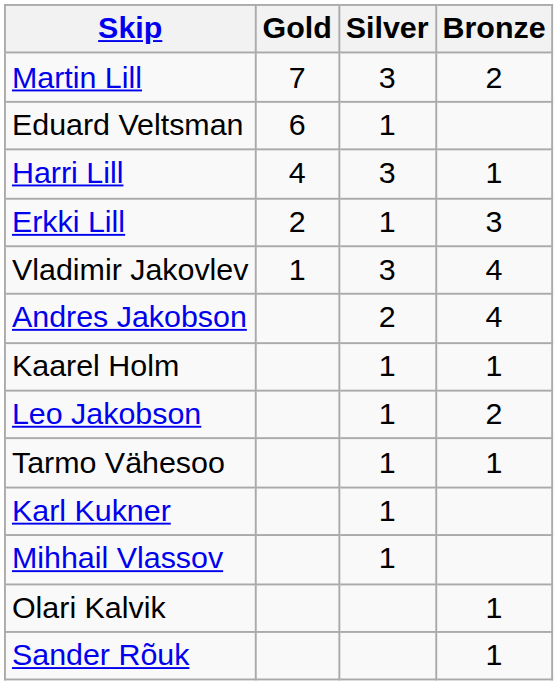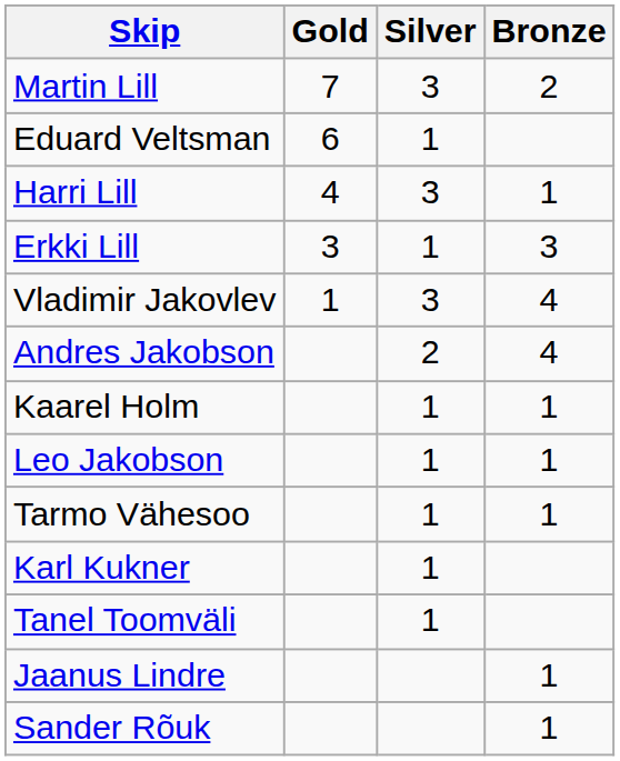 <table class="wikitable" style="text-align:center;">
 <tr>
 <th><a href='#'>Skip</a></th>
 <th>Gold</th>
 <th>Silver</th>
 <th>Bronze</th>
 </tr>
 <tr>
 <td align="left"><a href='#'>Martin Lill</a></td>
 <td>7</td>
 <td>3</td>
 <td>2</td>
 </tr>
 <tr>
 <td align="left">Eduard Veltsman</td>
 <td>6</td>
 <td>1</td>
 <td></td>
 </tr>
 <tr>
 <td align="left"><a href='#'>Harri Lill</a></td>
 <td>4</td>
 <td>3</td>
 <td>1</td>
 </tr>
 <tr>
 <td align="left"><a href='#'>Erkki Lill</a></td>
-<td>2</td>
+<td>3</td>
 <td>1</td>
 <td>3</td>
 </tr>
 <tr>
 <td align="left">Vladimir Jakovlev</td>
 <td>1</td>
 <td>3</td>
 <td>4</td>
 </tr>
 <tr>
 <td align="left"><a href='#'>Andres Jakobson</a></td>
 <td></td>
 <td>2</td>
 <td>4</td>
 </tr>
 <tr>
 <td align="left">Kaarel Holm</td>
 <td></td>
 <td>1</td>
 <td>1</td>
 </tr>
 <tr>
 <td align="left"><a href='#'>Leo Jakobson</a></td>
 <td></td>
 <td>1</td>
-<td>2</td>
+<td>1</td>
 </tr>
 <tr>
 <td align="left">Tarmo Vähesoo</td>
 <td></td>
 <td>1</td>
 <td>1</td>
 </tr>
 <tr>
 <td align="left"><a href='#'>Karl Kukner</a></td>
 <td></td>
 <td>1</td>
 <td></td>
 </tr>
 <tr>
-<td align="left"><a href='#'>Mihhail Vlassov</a></td>
+<td align="left"><a href='#'>Tanel Toomväli</a></td>
 <td></td>
 <td>1</td>
 <td></td>
 </tr>
 <tr>
-<td align="left">Olari Kalvik</td>
+<td align="left"><a href='#'>Jaanus Lindre</a></td>
 <td></td>
 <td></td>
 <td>1</td>
 </tr>
 <tr>
 <td align="left"><a href='#'>Sander Rõuk</a></td>
 <td></td>
 <td></td>
 <td>1<br></td>
 </tr>
 </table>
